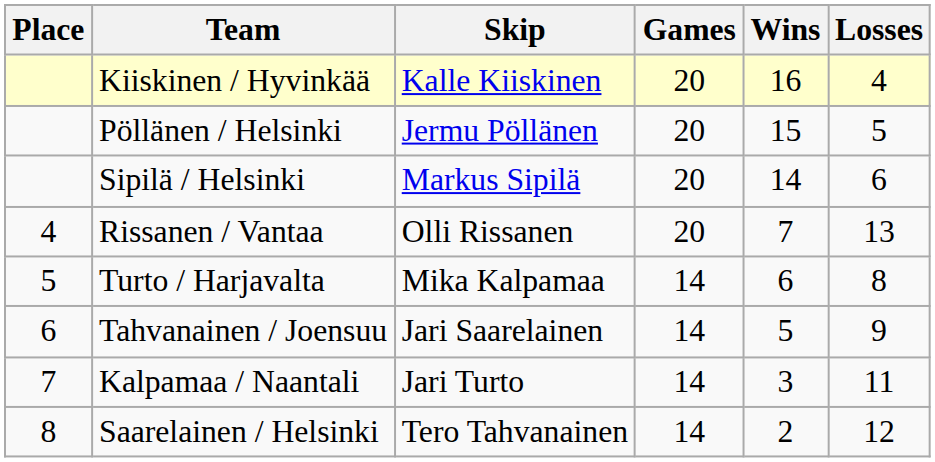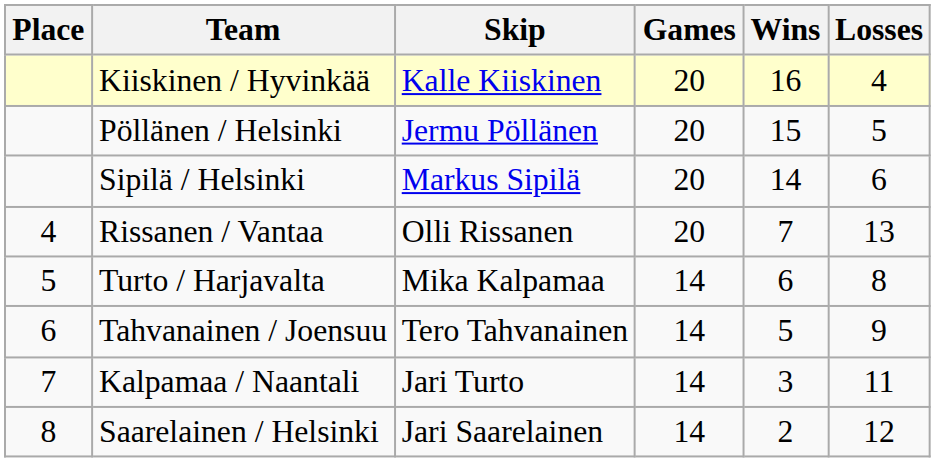 <table class="wikitable" style="text-align:center;">
 <tr>
 <th>Place</th>
 <th>Team</th>
 <th>Skip</th>
 <th>Games</th>
 <th>Wins</th>
 <th>Losses</th>
 </tr>
 <tr bgcolor=#ffc>
 <td></td>
 <td align=left>Kiiskinen / Hyvinkää</td>
 <td align=left><a href='#'>Kalle Kiiskinen</a></td>
 <td>20</td>
 <td>16</td>
 <td>4</td>
 </tr>
 <tr>
 <td></td>
 <td align=left>Pöllänen / Helsinki</td>
 <td align=left><a href='#'>Jermu Pöllänen</a></td>
 <td>20</td>
 <td>15</td>
 <td>5</td>
 </tr>
 <tr>
 <td></td>
 <td align=left>Sipilä / Helsinki</td>
 <td align=left><a href='#'>Markus Sipilä</a></td>
 <td>20</td>
 <td>14</td>
 <td>6</td>
 </tr>
 <tr>
 <td>4</td>
 <td align=left>Rissanen / Vantaa</td>
 <td align=left>Olli Rissanen</td>
 <td>20</td>
 <td>7</td>
 <td>13</td>
 </tr>
 <tr>
 <td>5</td>
 <td align=left>Turto / Harjavalta</td>
 <td align=left>Mika Kalpamaa</td>
 <td>14</td>
 <td>6</td>
 <td>8</td>
 </tr>
 <tr>
 <td>6</td>
 <td align=left>Tahvanainen / Joensuu</td>
-<td align=left>Jari Saarelainen</td>
+<td align=left>Tero Tahvanainen</td>
 <td>14</td>
 <td>5</td>
 <td>9</td>
 </tr>
 <tr>
 <td>7</td>
 <td align=left>Kalpamaa / Naantali</td>
 <td align=left>Jari Turto</td>
 <td>14</td>
 <td>3</td>
 <td>11</td>
 </tr>
 <tr>
 <td>8</td>
 <td align=left>Saarelainen / Helsinki</td>
-<td align=left>Tero Tahvanainen</td>
+<td align=left>Jari Saarelainen</td>
 <td>14</td>
 <td>2</td>
 <td>12</td>
 </tr>
 </table>
